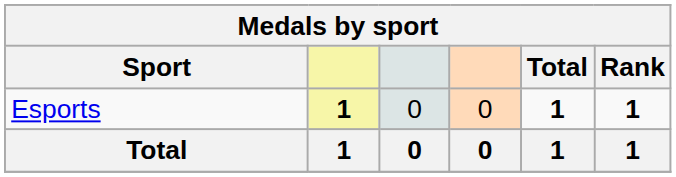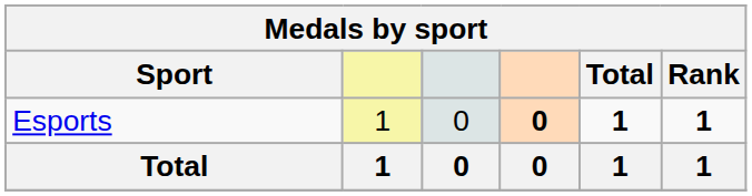 <table class="wikitable" style=font-size:85%;float:center;text-align:center>
 <tr>
 <th colspan=6><strong>Medals by sport</strong></th>
 </tr>
 <tr>
 <th width=150>Sport</th>
 <th scope="col" width=30 style="background:#F7F6A8;"></th>
 <th scope="col" width=30 style="background:#DCE5E5;"></th>
 <th scope="col" width=30 style="background:#FFDAB9;"></th>
 <th width=30>Total</th>
 <th width=30>Rank</th>
 </tr>
 <tr>
 <td align=left><a href='#'>Esports</a></td>
-<td style="background:#F7F6A8;"><strong>1</strong></td>
+<td style="background:#F7F6A8;">1</td>
 <td style="background:#DCE5E5;">0</td>
-<td style="background:#FFDAB9;">0</td>
+<td style="background:#FFDAB9;"><strong>0</strong></td>
 <td><strong>1</strong></td>
 <td><strong>1</strong></td>
 </tr>
 <tr>
 <th colspan="1">Total</th>
 <th>1</th>
 <th>0</th>
 <th>0</th>
 <th>1</th>
 <th>1</th>
 </tr>
 <tr>
 </tr>
 </table>
